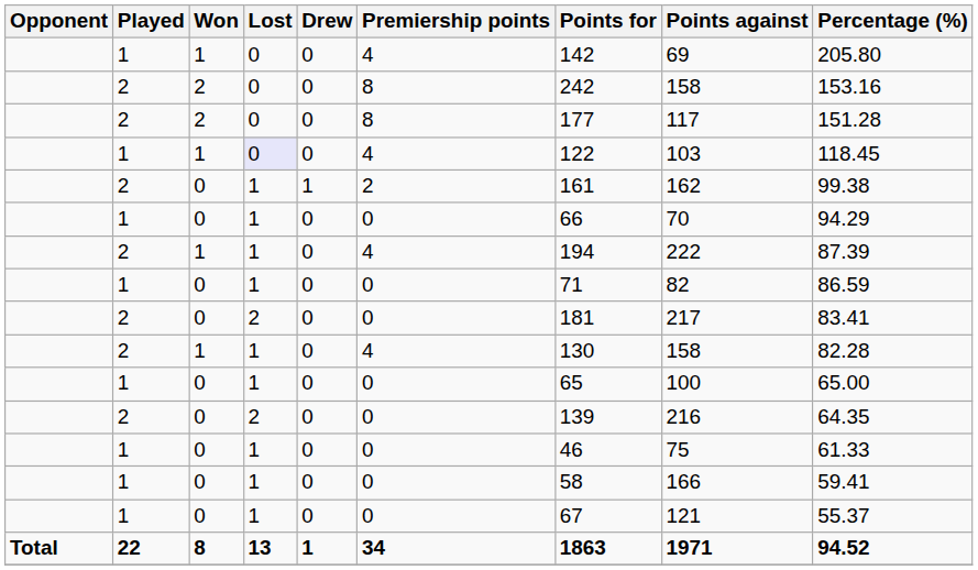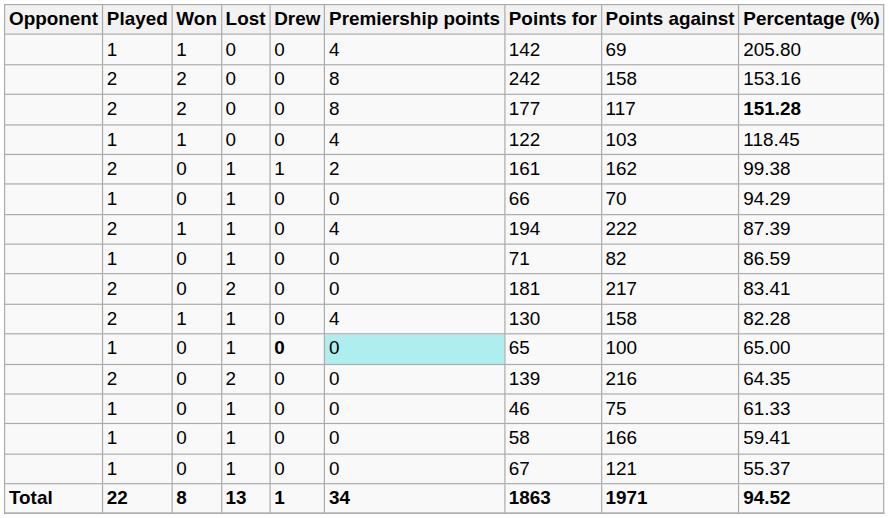 <table class="wikitable">
 <tr>
 <th>Opponent</th>
 <th>Played</th>
 <th>Won</th>
 <th>Lost</th>
 <th>Drew</th>
 <th>Premiership points</th>
 <th>Points for</th>
 <th>Points against</th>
 <th>Percentage (%)</th>
 </tr>
 <tr>
 <td></td>
 <td>1</td>
 <td>1</td>
 <td>0</td>
 <td>0</td>
 <td>4</td>
 <td>142</td>
 <td>69</td>
 <td>205.80</td>
 </tr>
 <tr>
 <td></td>
 <td>2</td>
 <td>2</td>
 <td>0</td>
 <td>0</td>
 <td>8</td>
 <td>242</td>
 <td>158</td>
 <td>153.16</td>
 </tr>
 <tr>
 <td></td>
 <td>2</td>
 <td>2</td>
 <td>0</td>
 <td>0</td>
 <td>8</td>
 <td>177</td>
 <td>117</td>
-<td>151.28</td>
+<td><strong>151.28</strong></td>
 </tr>
 <tr>
 <td></td>
 <td>1</td>
 <td>1</td>
-<td style="background: lavender;">0</td>
+<td>0</td>
 <td>0</td>
 <td>4</td>
 <td>122</td>
 <td>103</td>
 <td>118.45</td>
 </tr>
 <tr>
 <td></td>
 <td>2</td>
 <td>0</td>
 <td>1</td>
 <td>1</td>
 <td>2</td>
 <td>161</td>
 <td>162</td>
 <td>99.38</td>
 </tr>
 <tr>
 <td></td>
 <td>1</td>
 <td>0</td>
 <td>1</td>
 <td>0</td>
 <td>0</td>
 <td>66</td>
 <td>70</td>
 <td>94.29</td>
 </tr>
 <tr>
 <td></td>
 <td>2</td>
 <td>1</td>
 <td>1</td>
 <td>0</td>
 <td>4</td>
 <td>194</td>
 <td>222</td>
 <td>87.39</td>
 </tr>
 <tr>
 <td></td>
 <td>1</td>
 <td>0</td>
 <td>1</td>
 <td>0</td>
 <td>0</td>
 <td>71</td>
 <td>82</td>
 <td>86.59</td>
 </tr>
 <tr>
 <td></td>
 <td>2</td>
 <td>0</td>
 <td>2</td>
 <td>0</td>
 <td>0</td>
 <td>181</td>
 <td>217</td>
 <td>83.41</td>
 </tr>
 <tr>
 <td></td>
 <td>2</td>
 <td>1</td>
 <td>1</td>
 <td>0</td>
 <td>4</td>
 <td>130</td>
 <td>158</td>
 <td>82.28</td>
 </tr>
 <tr>
 <td></td>
 <td>1</td>
 <td>0</td>
 <td>1</td>
-<td>0</td>
-<td>0</td>
+<td><strong>0</strong></td>
+<td style="background: paleturquoise;">0</td>
 <td>65</td>
 <td>100</td>
 <td>65.00</td>
 </tr>
 <tr>
 <td></td>
 <td>2</td>
 <td>0</td>
 <td>2</td>
 <td>0</td>
 <td>0</td>
 <td>139</td>
 <td>216</td>
 <td>64.35</td>
 </tr>
 <tr>
 <td></td>
 <td>1</td>
 <td>0</td>
 <td>1</td>
 <td>0</td>
 <td>0</td>
 <td>46</td>
 <td>75</td>
 <td>61.33</td>
 </tr>
 <tr>
 <td></td>
 <td>1</td>
 <td>0</td>
 <td>1</td>
 <td>0</td>
 <td>0</td>
 <td>58</td>
 <td>166</td>
 <td>59.41</td>
 </tr>
 <tr>
 <td></td>
 <td>1</td>
 <td>0</td>
 <td>1</td>
 <td>0</td>
 <td>0</td>
 <td>67</td>
 <td>121</td>
 <td>55.37</td>
 </tr>
 <tr>
 <td><strong>Total</strong></td>
 <td><strong>22</strong></td>
 <td><strong>8</strong></td>
 <td><strong>13</strong></td>
 <td><strong>1</strong></td>
 <td><strong>34</strong></td>
 <td><strong>1863</strong></td>
 <td><strong>1971</strong></td>
 <td><strong>94.52</strong></td>
 </tr>
 <tr>
 </tr>
 </table>
